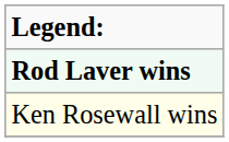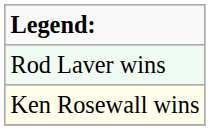 <table class="wikitable" style="font-size:95%;">
 <tr>
 <td><strong>Legend:</strong></td>
 </tr>
 <tr style="background:#f0fcf3;">
-<td><strong>Rod Laver wins</strong></td>
+<td>Rod Laver wins</td>
 </tr>
 <tr style="background:#ffffe9;">
 <td>Ken Rosewall wins</td>
 </tr>
 <tr>
 </tr>
 </table>
